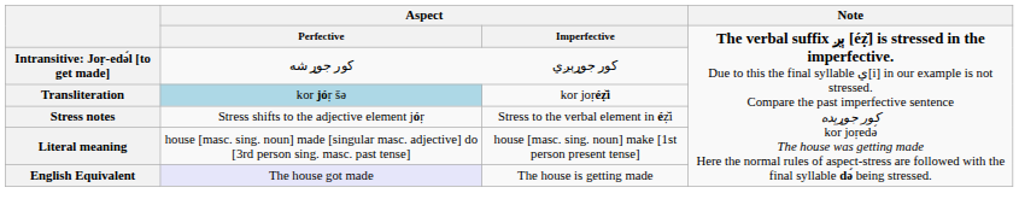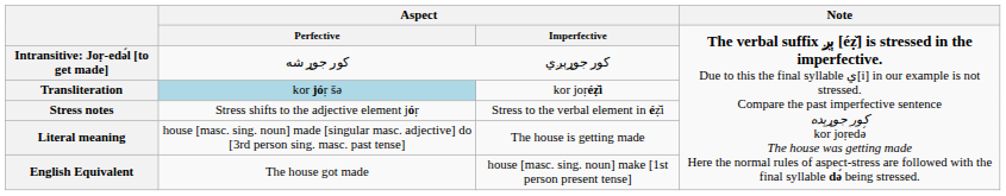 <table class="wikitable" style="text-align: center">
 <tr>
 <th rowspan="2"></th>
 <th colspan="2">Aspect</th>
 <th>Note</th>
 </tr>
 <tr>
 <th style="border-right;"><small>Perfective</small></th>
 <th style="border-left;"><small>Imperfective</small></th>
 <td rowspan="6"><strong><big>The verbal suffix ېږ [éẓ̌] is stressed in the imperfective.</big></strong><br>Due to this the final syllable ي[i] in our example is not stressed.<br>Compare the past imperfective sentence<br><em>کور جوړېده</em><br>kor joṛedə́<br><em>The house was getting made</em><br>Here the normal rules of aspect-stress are followed with the final syllable <strong>də́</strong> being stressed.</td>
 </tr>
 <tr>
 <th>Intransitive: Joṛ-edə́l [to get made]</th>
 <td style="border-right: none;">کور جوړ شه</td>
 <td style="border-left: none;">کور جوړېږي</td>
 </tr>
 <tr>
 <th>Transliteration</th>
 <td style="background: lightblue;">kor <strong>jó</strong>ṛ šə</td>
 <td>kor joṛ<strong>éẓ̌i</strong></td>
 </tr>
 <tr>
 <th>Stress notes</th>
 <td>Stress shifts to the adjective element  j<strong>ó</strong>ṛ</td>
 <td>Stress to the verbal element in <strong>é</strong>ẓ̌i</td>
 </tr>
 <tr>
 <th>Literal meaning</th>
 <td>house [masc. sing. noun]  made [singular masc. adjective] do [3rd person sing. masc. past tense]</td>
-<td>house [masc. sing. noun] make [1st person present tense]</td>
+<td>The house is getting made</td>
 </tr>
 <tr>
 <th>English Equivalent</th>
-<td style="background: lavender;">The house got made</td>
-<td>The house is getting made</td>
+<td>The house got made</td>
+<td>house [masc. sing. noun] make [1st person present tense]</td>
 </tr>
 </table>
